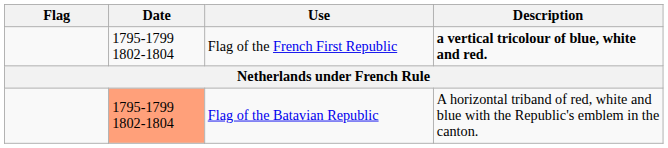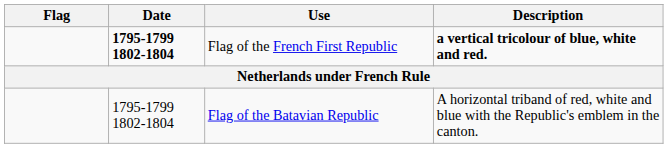 <table class="wikitable">
 <tr>
 <th style="width:110px;">Flag</th>
 <th style="width:100px;">Date</th>
 <th style="width:250px;">Use</th>
 <th style="width:250px;">Description</th>
 </tr>
 <tr>
 <td></td>
-<td>1795-1799<br>1802-1804</td>
+<td><strong>1795-1799<br>1802-1804</strong></td>
 <td>Flag of the <a href='#'>French First Republic</a></td>
 <td><strong>a vertical tricolour of blue, white and red.</strong></td>
 </tr>
 <tr>
 <th colspan="4">Netherlands under French Rule</th>
 </tr>
 <tr>
 <td></td>
-<td style="background: lightsalmon;">1795-1799<br>1802-1804</td>
+<td>1795-1799<br>1802-1804</td>
 <td><a href='#'>Flag of the Batavian Republic</a></td>
 <td>A horizontal triband of red, white and blue with the Republic's emblem in the canton.</td>
 </tr>
 </table>
